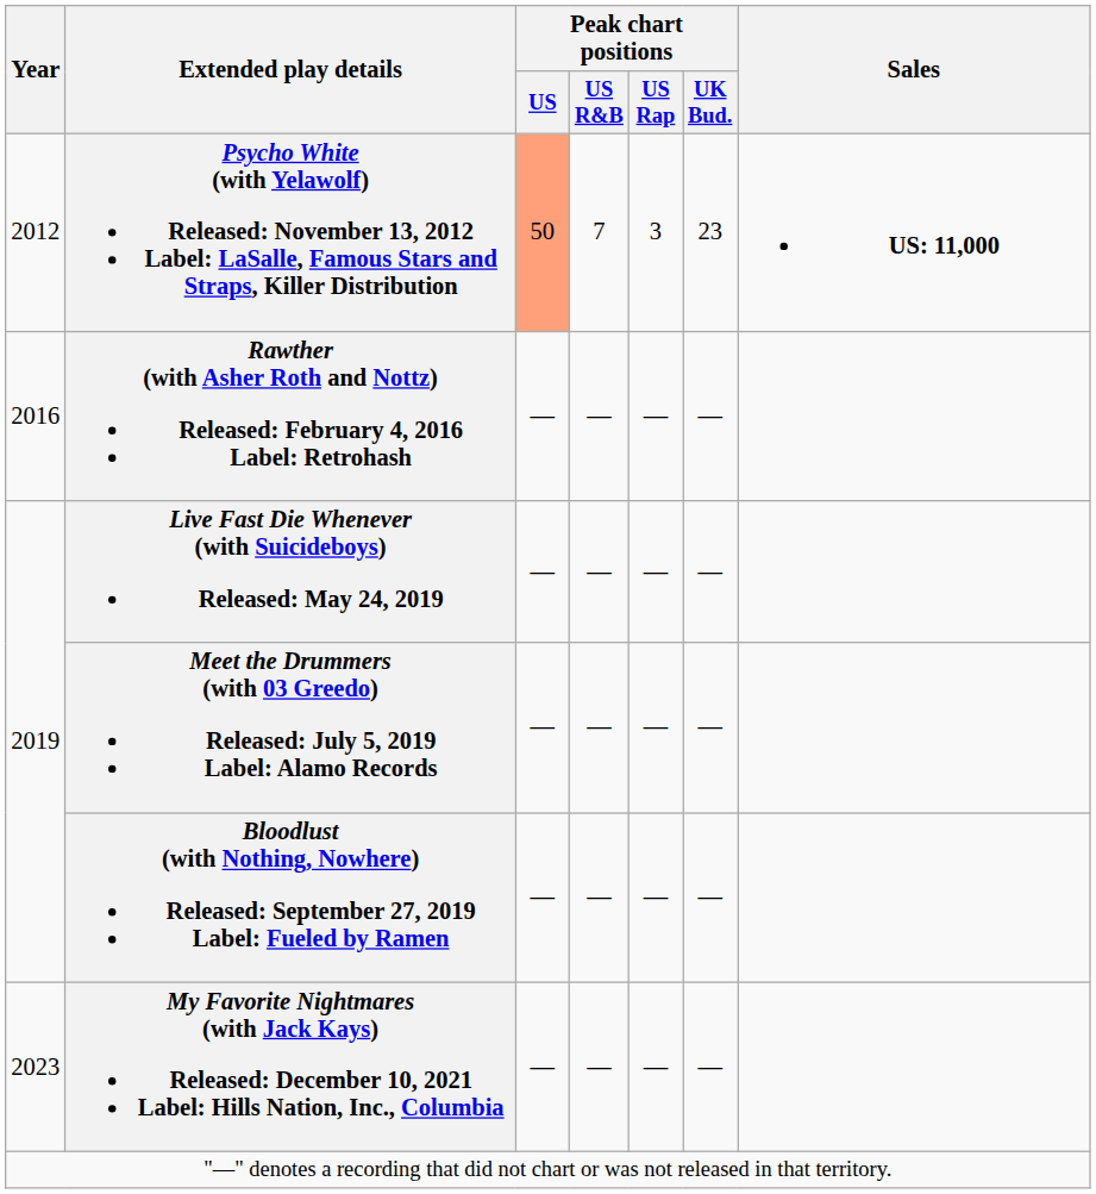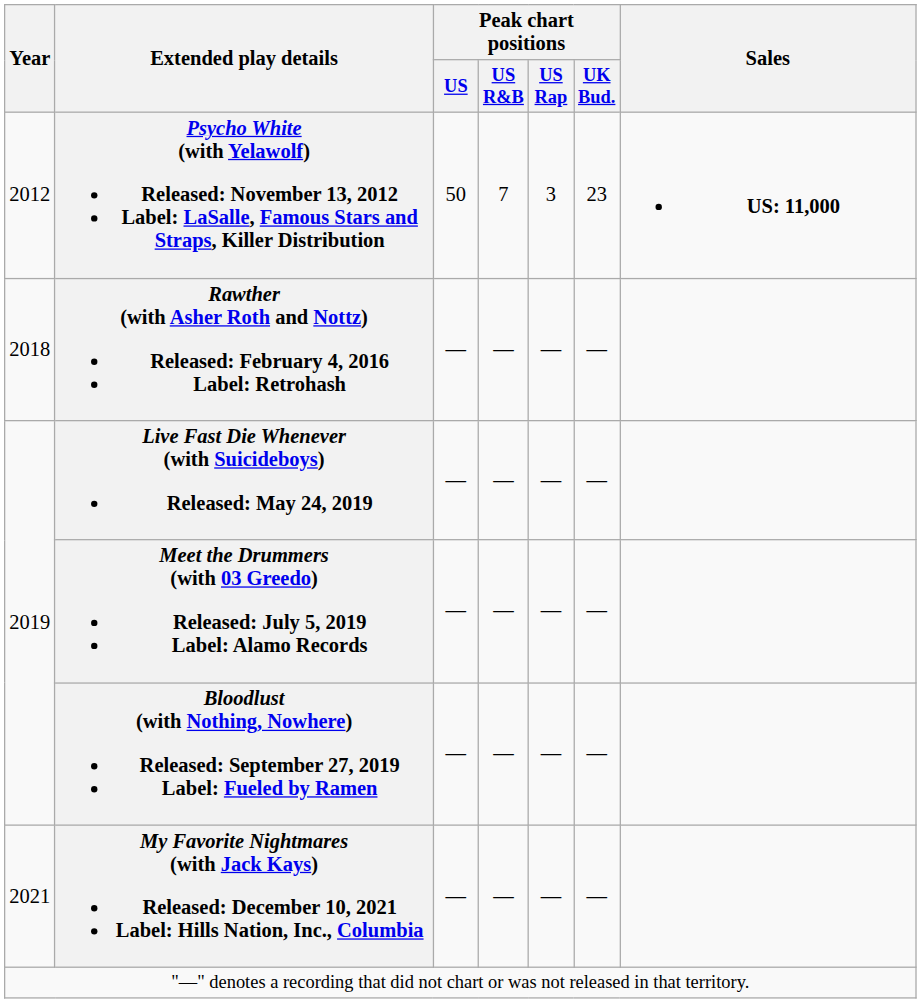 <table class="wikitable plainrowheaders" style="text-align:center;" border="1">
 <tr>
 <th scope="col" rowspan="2" style="width:2em;">Year</th>
 <th scope="col" rowspan="2" style="width:18em;">Extended play details</th>
 <th scope="col" colspan="4">Peak chart positions</th>
 <th scope="col" rowspan="2" style="width:14em;">Sales</th>
 </tr>
 <tr>
 <th scope="col" style="width:2em;font-size:90%;"><a href='#'>US</a><br></th>
 <th scope="col" style="width:2em;font-size:90%;"><a href='#'>US<br>R&B</a><br></th>
 <th scope="col" style="width:2em;font-size:90%;"><a href='#'>US<br>Rap</a><br></th>
 <th scope="col" style="width:2em;font-size:90%;"><a href='#'>UK<br>Bud.</a><br></th>
 </tr>
 <tr>
 <td align="center">2012</td>
 <th scope="row"><em><a href='#'>Psycho White</a></em> <br><span>(with <a href='#'>Yelawolf</a>)</span><br><ul><li>Released: November 13, 2012</li><li>Label: <a href='#'>LaSalle</a>, <a href='#'>Famous Stars and Straps</a>, Killer Distribution</li></ul></th>
-<td style="background: lightsalmon;">50</td>
+<td>50</td>
 <td>7</td>
 <td>3</td>
 <td>23</td>
 <td><strong><br><ul><li>US: 11,000</li></ul></strong></td>
 </tr>
 <tr>
-<td align="center">2016</td>
+<td align="center">2018</td>
 <th scope="row"><em>Rawther</em> <br><span>(with <a href='#'>Asher Roth</a> and <a href='#'>Nottz</a>)</span><br><ul><li>Released: February 4, 2016</li><li>Label: Retrohash</li></ul></th>
 <td>—</td>
 <td>—</td>
 <td>—</td>
 <td>—</td>
 <td></td>
 </tr>
 <tr>
 <td align="center" rowspan=3>2019</td>
 <th scope="row"><em>Live Fast Die Whenever</em> <br><span>(with <a href='#'>Suicideboys</a>)</span><br><ul><li>Released: May 24, 2019</li></ul></th>
 <td>—</td>
 <td>—</td>
 <td>—</td>
 <td>—</td>
 <td></td>
 </tr>
 <tr>
 <th scope="row"><em>Meet the Drummers</em> <br><span>(with <a href='#'>03 Greedo</a>)</span><br><ul><li>Released: July 5, 2019</li><li>Label: Alamo Records</li></ul></th>
 <td>—</td>
 <td>—</td>
 <td>—</td>
 <td>—</td>
 <td></td>
 </tr>
 <tr>
 <th scope="row"><em>Bloodlust</em> <br><span>(with <a href='#'>Nothing, Nowhere</a>)</span><br><ul><li>Released: September 27, 2019</li><li>Label: <a href='#'>Fueled by Ramen</a></li></ul></th>
 <td>—</td>
 <td>—</td>
 <td>—</td>
 <td>—</td>
 <td></td>
 </tr>
 <tr>
-<td align="center">2023</td>
+<td align="center">2021</td>
 <th scope="row"><em>My Favorite Nightmares</em> <br><span>(with <a href='#'>Jack Kays</a>)</span><br><ul><li>Released: December 10, 2021</li><li>Label: Hills Nation, Inc., <a href='#'>Columbia</a></li></ul></th>
 <td>—</td>
 <td>—</td>
 <td>—</td>
 <td>—</td>
 <td></td>
 </tr>
 <tr>
 <td colspan="15" style="font-size:90%">"—" denotes a recording that did not chart or was not released in that territory.</td>
 </tr>
 </table>
